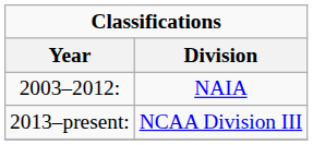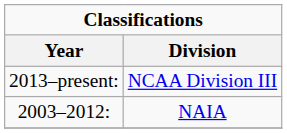 <table class="wikitable sortable" style="text-align:center">
 <tr>
 <td colspan="2"><strong>Classifications</strong></td>
 </tr>
 <tr>
 <th>Year</th>
 <th>Division</th>
 </tr>
 <tr>
+<td>2013–present:</td>
+<td><a href='#'>NCAA Division III</a></td>
+</tr>
+<tr>
 <td>2003–2012:</td>
 <td><a href='#'>NAIA</a></td>
 </tr>
 <tr>
-<td>2013–present:</td>
-<td><a href='#'>NCAA Division III</a></td>
-</tr>
-<tr>
 </tr>
 </table>
